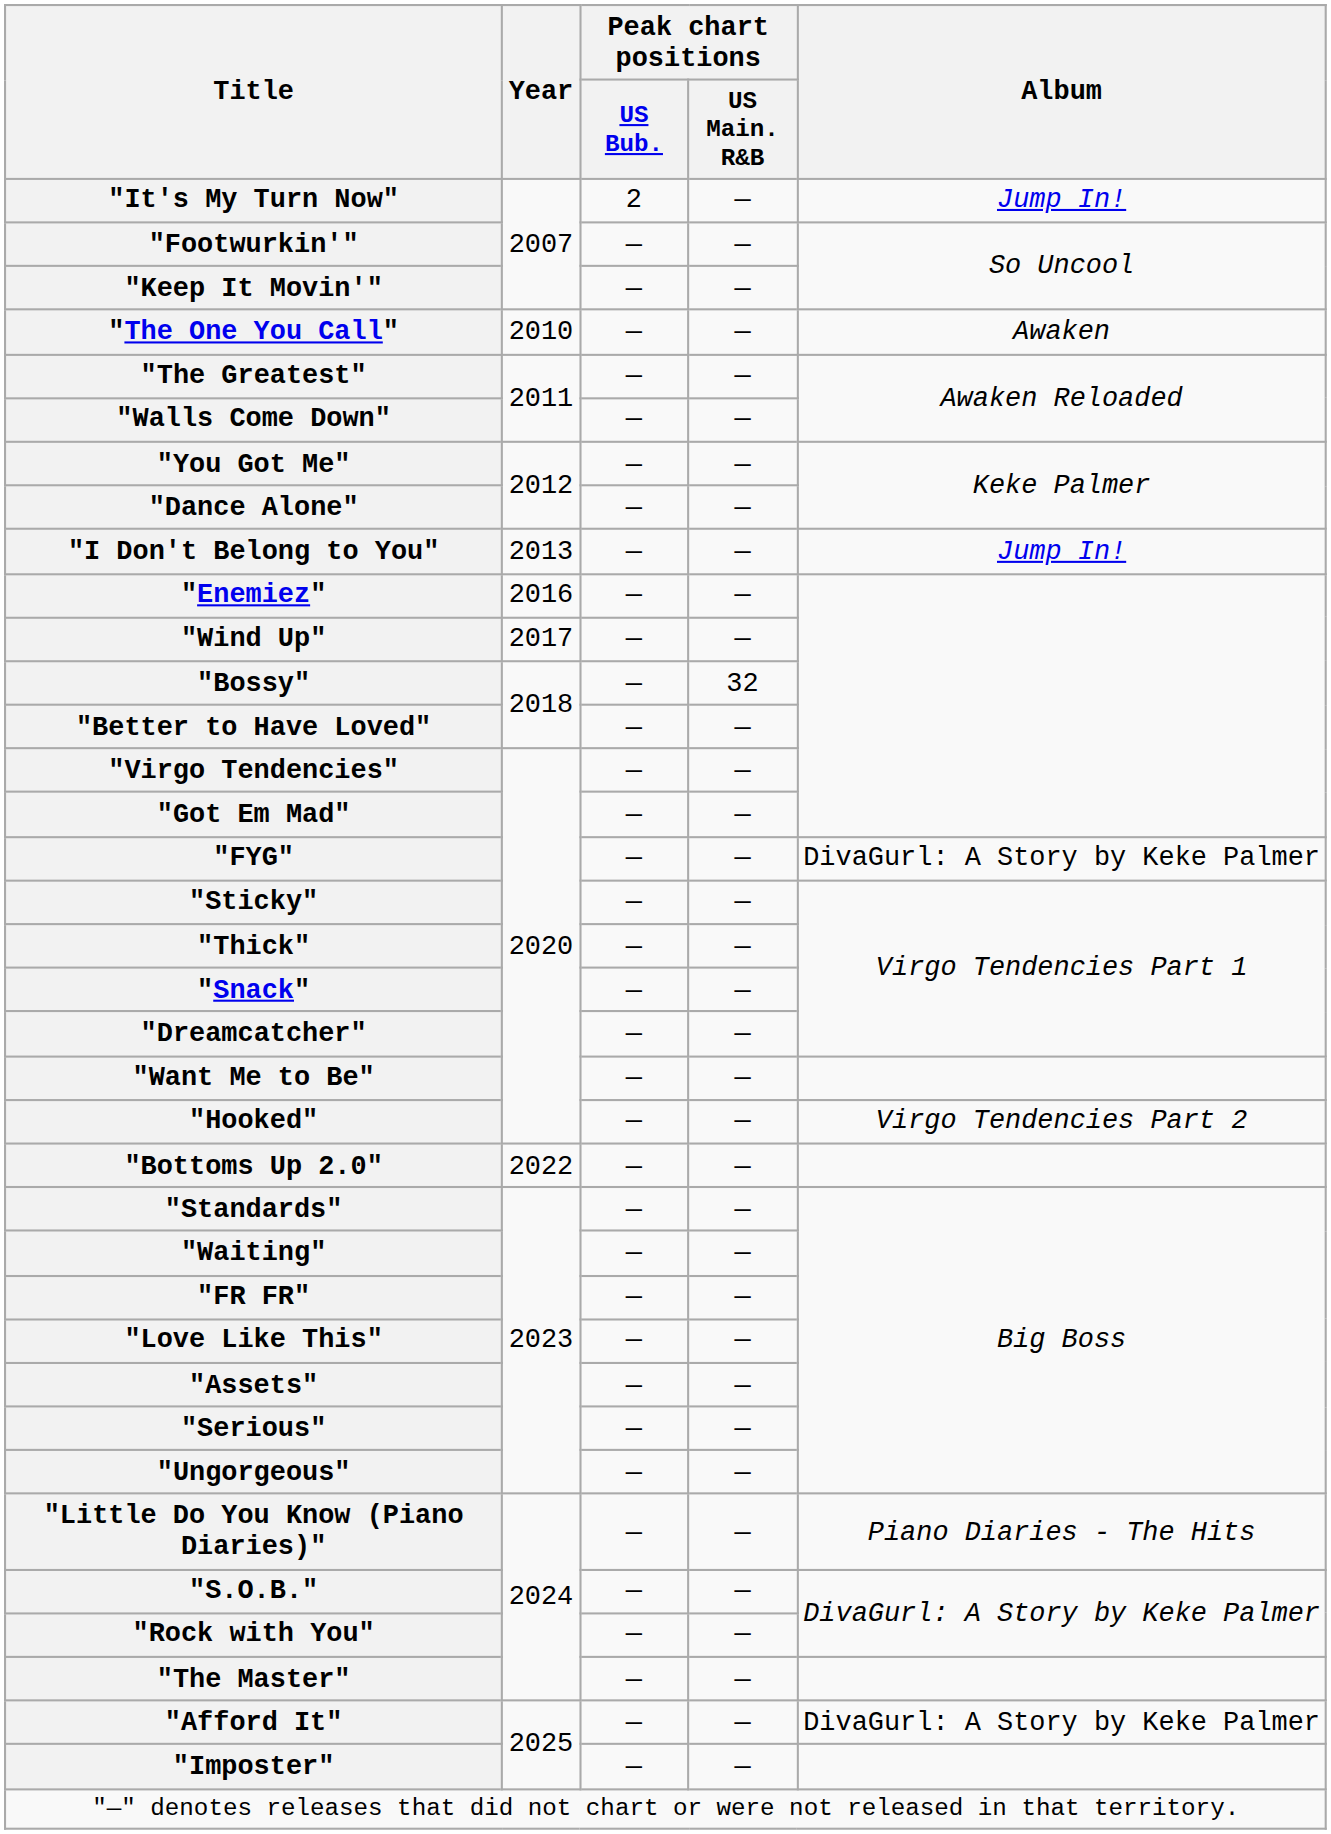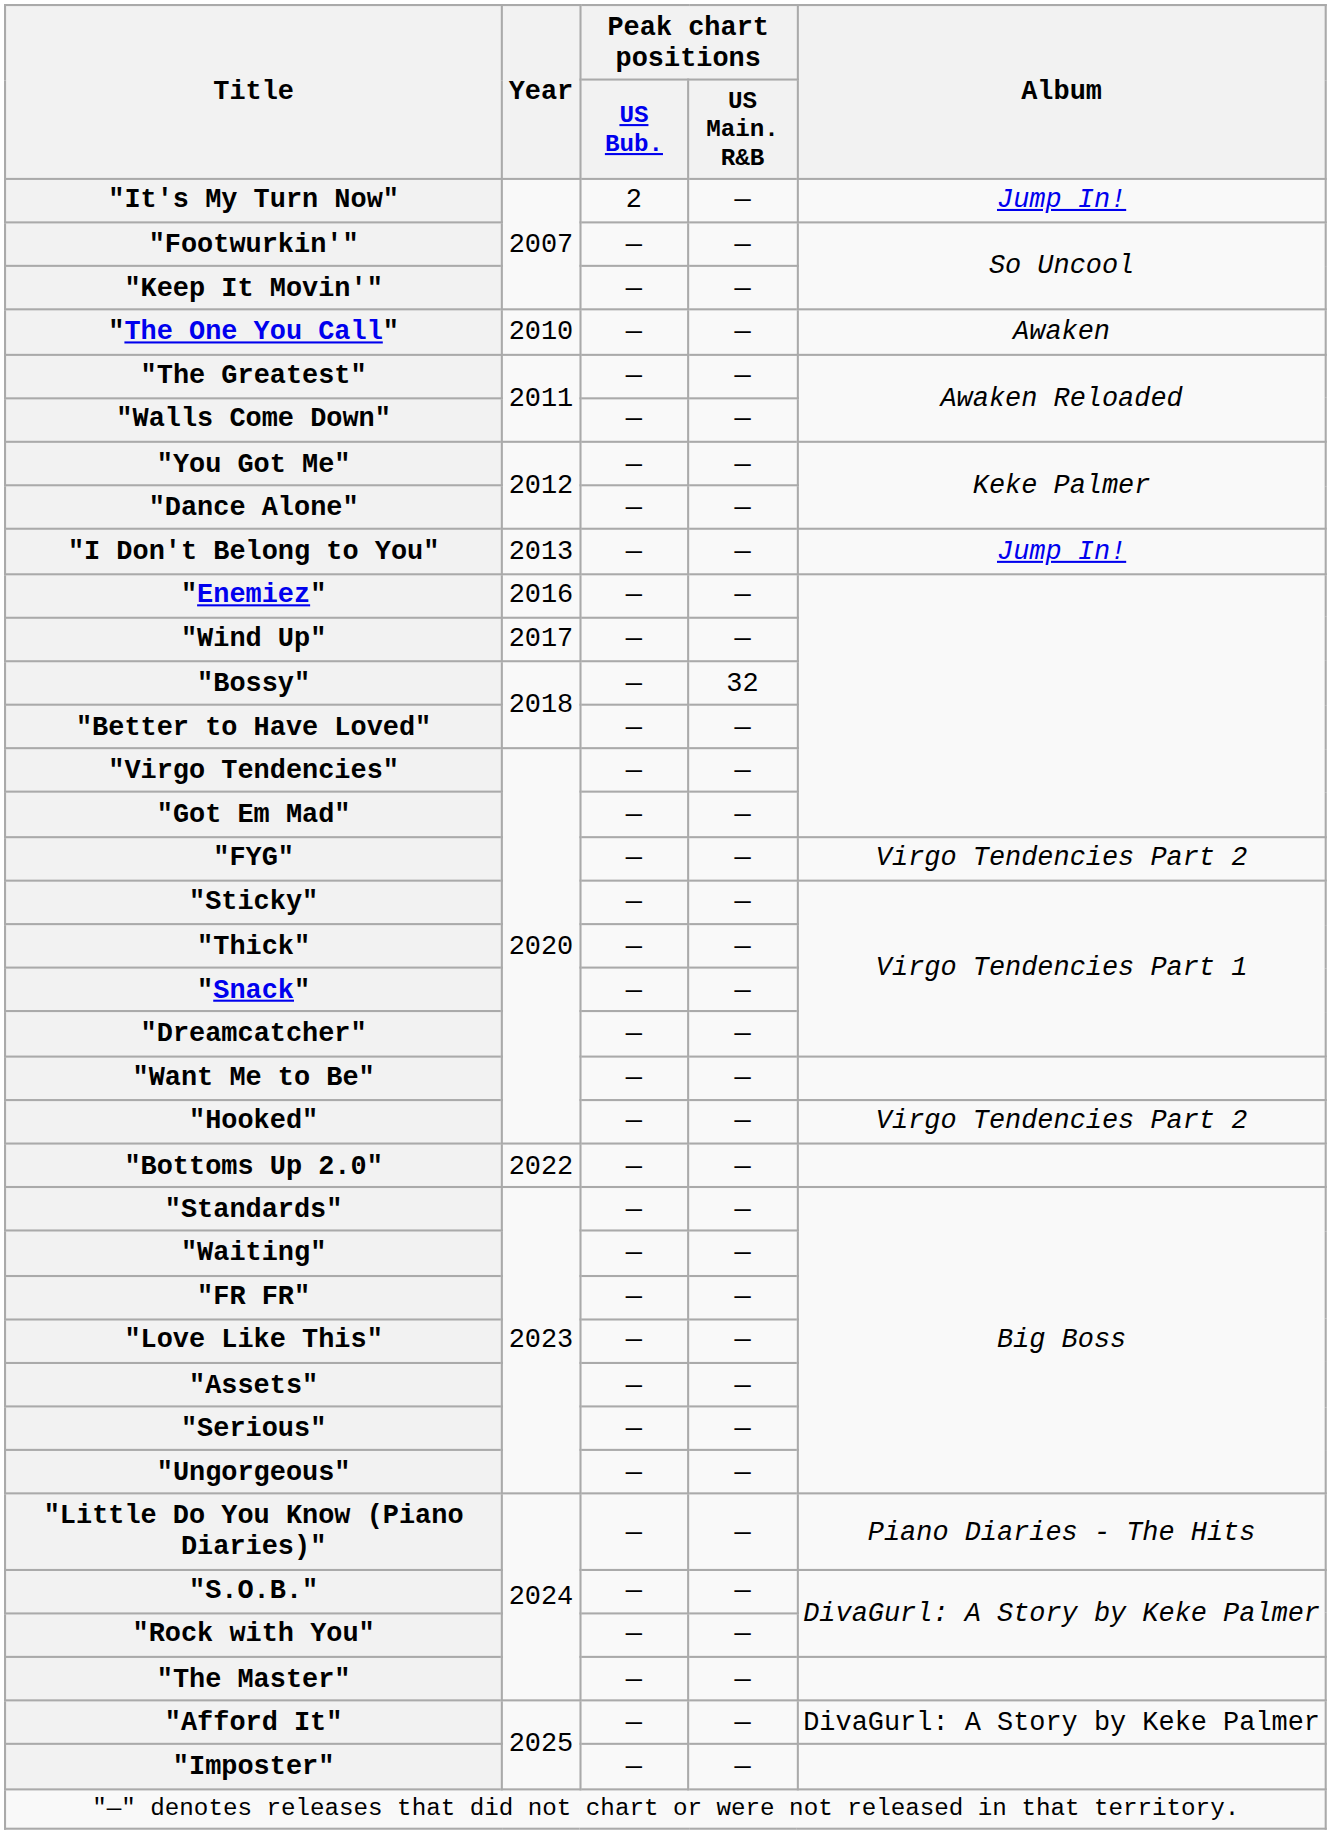 <table class="wikitable plainrowheaders" style="text-align:center;">
 <tr>
 <th scope="col" rowspan="2" style="width:18em;">Title</th>
 <th scope="col" rowspan="2">Year</th>
 <th scope="col" colspan="2">Peak chart positions</th>
 <th scope="col" rowspan="2">Album</th>
 </tr>
 <tr>
 <th scope="col" style="width:4em;font-size:90%;"><a href='#'>US<br>Bub.</a><br></th>
 <th scope="col" style="width:4em;font-size:90%;">US<br>Main. R&B<br></th>
 </tr>
 <tr>
 <th scope="row">"It's My Turn Now"</th>
 <td rowspan="3">2007</td>
 <td>2</td>
 <td>—</td>
 <td><em><a href='#'>Jump In!</a></em></td>
 </tr>
 <tr>
 <th scope="row">"Footwurkin'"</th>
 <td>—</td>
 <td>—</td>
 <td rowspan="2"><em>So Uncool</em></td>
 </tr>
 <tr>
 <th scope="row">"Keep It Movin'"<br></th>
 <td>—</td>
 <td>—</td>
 </tr>
 <tr>
 <th scope="row">"<a href='#'>The One You Call</a>"</th>
 <td>2010</td>
 <td>—</td>
 <td>—</td>
 <td><em>Awaken</em></td>
 </tr>
 <tr>
 <th scope="row">"The Greatest"</th>
 <td rowspan="2">2011</td>
 <td>—</td>
 <td>—</td>
 <td rowspan="2"><em>Awaken Reloaded</em></td>
 </tr>
 <tr>
 <th scope="row">"Walls Come Down"</th>
 <td>—</td>
 <td>—</td>
 </tr>
 <tr>
 <th scope="row">"You Got Me"<br></th>
 <td rowspan="2">2012</td>
 <td>—</td>
 <td>—</td>
 <td rowspan="2"><em>Keke Palmer</em></td>
 </tr>
 <tr>
 <th scope="row">"Dance Alone"</th>
 <td>—</td>
 <td>—</td>
 </tr>
 <tr>
 <th scope="row">"I Don't Belong to You"</th>
 <td>2013</td>
 <td>—</td>
 <td>—</td>
 <td><em><a href='#'>Jump In!</a></em></td>
 </tr>
 <tr>
 <th scope="row">"<a href='#'>Enemiez</a>"<br></th>
 <td>2016</td>
 <td>—</td>
 <td>—</td>
 </tr>
 <tr>
 <th scope="row">"Wind Up"<br></th>
 <td>2017</td>
 <td>—</td>
 <td>—</td>
 </tr>
 <tr>
 <th scope="row">"Bossy"</th>
 <td rowspan="2">2018</td>
 <td>—</td>
 <td>32</td>
 </tr>
 <tr>
 <th scope="row">"Better to Have Loved"</th>
 <td>—</td>
 <td>—</td>
 </tr>
 <tr>
 <th scope="row">"Virgo Tendencies"</th>
 <td rowspan="9">2020</td>
 <td>—</td>
 <td>—</td>
 </tr>
 <tr>
 <th scope="row">"Got Em Mad"<br></th>
 <td>—</td>
 <td>—</td>
 </tr>
 <tr>
 <th scope="row">"FYG"</th>
 <td>—</td>
 <td>—</td>
-<td></em>DivaGurl: A Story by Keke Palmer<em></td>
+<td><em>Virgo Tendencies Part 2</em></td>
 </tr>
 <tr>
 <th scope="row">"Sticky"</th>
 <td>—</td>
 <td>—</td>
 <td rowspan="4"><em>Virgo Tendencies Part 1</em></td>
 </tr>
 <tr>
 <th scope="row">"Thick"</th>
 <td>—</td>
 <td>—</td>
 </tr>
 <tr>
 <th scope="row">"<a href='#'>Snack</a>"</th>
 <td>—</td>
 <td>—</td>
 </tr>
 <tr>
 <th scope="row">"Dreamcatcher"</th>
 <td>—</td>
 <td>—</td>
 </tr>
 <tr>
 <th scope="row">"Want Me to Be"<br></th>
 <td>—</td>
 <td>—</td>
 <td></td>
 </tr>
 <tr>
 <th scope="row">"Hooked"</th>
 <td>—</td>
 <td>—</td>
 <td><em>Virgo Tendencies Part 2</em></td>
 </tr>
 <tr>
 <th scope="row">"Bottoms Up 2.0"</th>
 <td>2022</td>
 <td>—</td>
 <td>—</td>
 <td></td>
 </tr>
 <tr>
 <th scope="row">"Standards"</th>
 <td Rowspan="7">2023</td>
 <td>—</td>
 <td>—</td>
 <td rowspan="7"><em>Big Boss</em></td>
 </tr>
 <tr>
 <th scope="row">"Waiting"</th>
 <td>—</td>
 <td>—</td>
 </tr>
 <tr>
 <th scope="row">"FR FR"</th>
 <td>—</td>
 <td>—</td>
 </tr>
 <tr>
 <th scope="row">"Love Like This"</th>
 <td>—</td>
 <td>—</td>
 </tr>
 <tr>
 <th scope="row">"Assets"</th>
 <td>—</td>
 <td>—</td>
 </tr>
 <tr>
 <th scope="row">"Serious"</th>
 <td>—</td>
 <td>—</td>
 </tr>
 <tr>
 <th scope="row">"Ungorgeous"</th>
 <td>—</td>
 <td>—</td>
 </tr>
 <tr>
 <th scope="row">"Little Do You Know (Piano Diaries)" <br> </th>
 <td rowspan="4">2024</td>
 <td>—</td>
 <td>—</td>
 <td><em>Piano Diaries - The Hits</em></td>
 </tr>
 <tr>
 <th scope="row">"S.O.B." <br> </th>
 <td>—</td>
 <td>—</td>
 <td rowspan="2"><em>DivaGurl: A Story by Keke Palmer</td>
 </tr>
 <tr>
 <th scope="row">"Rock with You" <br> </th>
 <td>—</td>
 <td>—</td>
 </tr>
 <tr>
 <th scope="row">"The Master"</th>
 <td>—</td>
 <td>—</td>
 <td></td>
 </tr>
 <tr>
 <th scope="row">"Afford It" <br> </th>
 <td rowspan="2">2025</td>
 <td>—</td>
 <td>—</td>
 <td></em>DivaGurl: A Story by Keke Palmer<em></td>
 </tr>
 <tr>
 <th scope="row">"Imposter"</th>
 <td>—</td>
 <td>—</td>
 <td></td>
 </tr>
 <tr>
 <td colspan="5" style="text-align:center; font-size:90%;">"—" denotes releases that did not chart or were not released in that territory.</td>
 </tr>
 </table>
